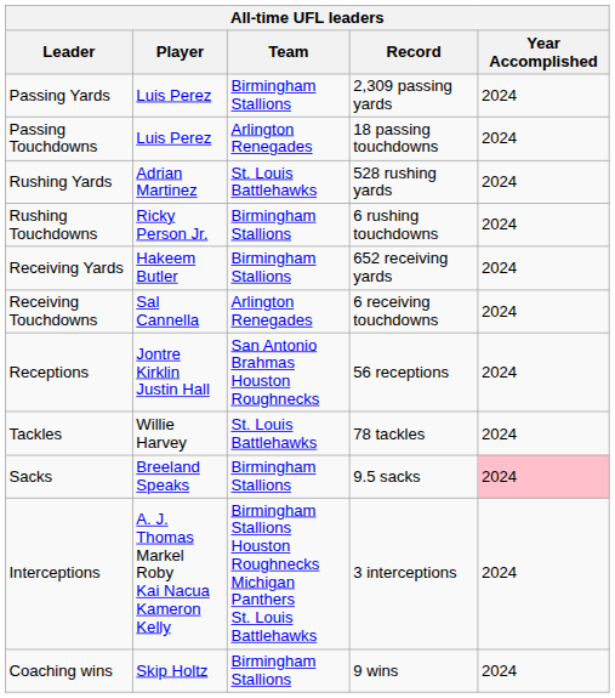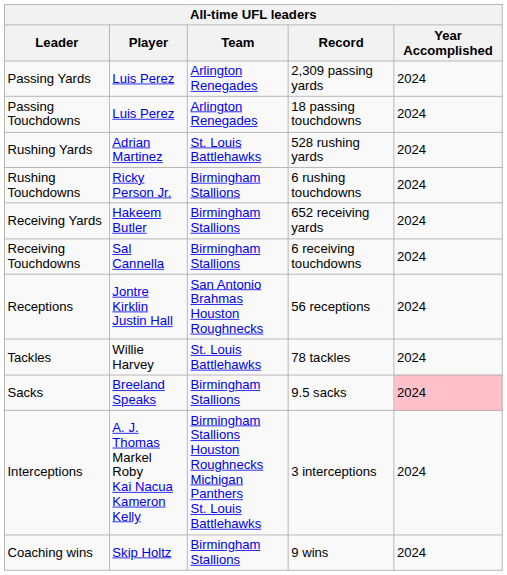 <table class="wikitable">
 <tr>
 <th colspan="6" *>All-time UFL leaders</th>
 </tr>
 <tr>
 <th colspan="1" *>Leader</th>
 <th colspan="1" *>Player</th>
 <th colspan="1" *>Team</th>
 <th colspan="1" *>Record</th>
 <th colspan="1" *>Year Accomplished</th>
 </tr>
 <tr>
 <td>Passing Yards</td>
 <td><a href='#'>Luis Perez</a></td>
-<td><a href='#'>Birmingham Stallions</a></td>
+<td><a href='#'>Arlington Renegades</a></td>
 <td>2,309 passing yards</td>
 <td>2024</td>
 </tr>
 <tr>
 <td>Passing Touchdowns</td>
 <td><a href='#'>Luis Perez</a></td>
 <td><a href='#'>Arlington Renegades</a></td>
 <td>18 passing touchdowns</td>
 <td>2024</td>
 </tr>
 <tr>
 <td>Rushing Yards</td>
 <td><a href='#'>Adrian Martinez</a></td>
 <td><a href='#'>St. Louis Battlehawks</a></td>
 <td>528 rushing yards</td>
 <td>2024</td>
 </tr>
 <tr>
 <td>Rushing Touchdowns</td>
 <td><a href='#'>Ricky Person Jr.</a></td>
 <td><a href='#'>Birmingham Stallions</a></td>
 <td>6 rushing touchdowns</td>
 <td>2024</td>
 </tr>
 <tr>
 <td>Receiving Yards</td>
 <td><a href='#'>Hakeem Butler</a></td>
 <td><a href='#'>Birmingham Stallions</a></td>
 <td>652 receiving yards</td>
 <td>2024</td>
 </tr>
 <tr>
 <td>Receiving Touchdowns</td>
 <td><a href='#'>Sal Cannella</a></td>
-<td><a href='#'>Arlington Renegades</a></td>
+<td><a href='#'>Birmingham Stallions</a></td>
 <td>6 receiving touchdowns</td>
 <td>2024</td>
 </tr>
 <tr>
 <td>Receptions</td>
 <td><a href='#'>Jontre Kirklin</a><br><a href='#'>Justin Hall</a></td>
 <td><a href='#'>San Antonio Brahmas</a><br><a href='#'>Houston Roughnecks</a></td>
 <td>56 receptions</td>
 <td>2024</td>
 </tr>
 <tr>
 <td>Tackles</td>
 <td>Willie Harvey</td>
 <td><a href='#'>St. Louis Battlehawks</a></td>
 <td>78 tackles</td>
 <td>2024</td>
 </tr>
 <tr>
 <td>Sacks</td>
 <td><a href='#'>Breeland Speaks</a></td>
 <td><a href='#'>Birmingham Stallions</a></td>
 <td>9.5 sacks</td>
 <td style="background: pink;">2024</td>
 </tr>
 <tr>
 <td>Interceptions</td>
 <td><a href='#'>A. J. Thomas</a><br>Markel Roby<br><a href='#'>Kai Nacua</a><br><a href='#'>Kameron Kelly</a></td>
 <td><a href='#'>Birmingham Stallions</a><br><a href='#'>Houston Roughnecks</a><br><a href='#'>Michigan Panthers</a><br><a href='#'>St. Louis Battlehawks</a></td>
 <td>3 interceptions</td>
 <td>2024</td>
 </tr>
 <tr>
 <td>Coaching wins</td>
 <td><a href='#'>Skip Holtz</a></td>
 <td><a href='#'>Birmingham Stallions</a></td>
 <td>9 wins</td>
 <td>2024</td>
 </tr>
 </table>
